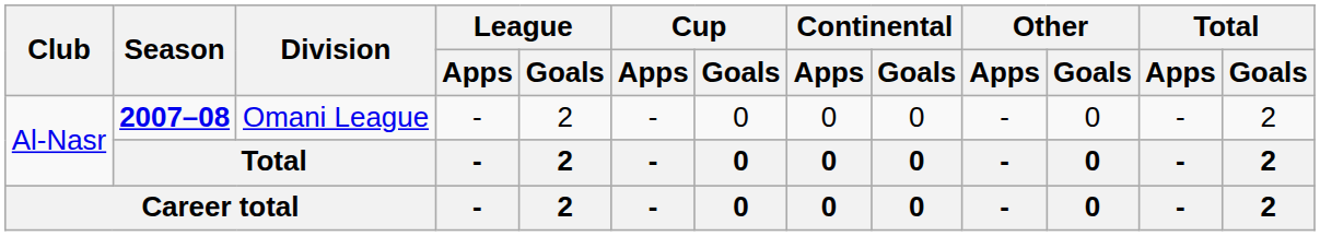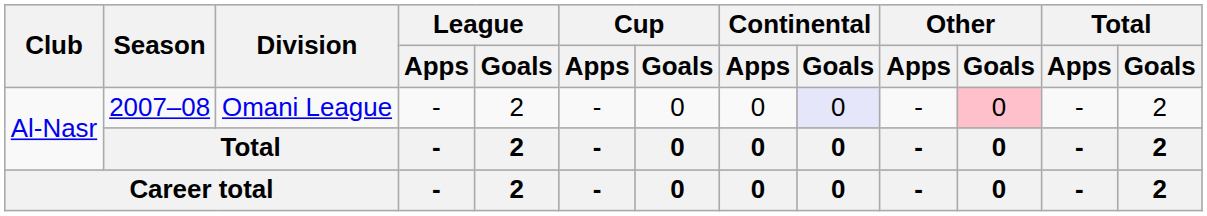 <table class="wikitable" style="text-align: center;">
 <tr>
 <th rowspan="2">Club</th>
 <th rowspan="2">Season</th>
 <th rowspan="2">Division</th>
 <th colspan="2">League</th>
 <th colspan="2">Cup</th>
 <th colspan="2">Continental</th>
 <th colspan="2">Other</th>
 <th colspan="2">Total</th>
 </tr>
 <tr>
 <th>Apps</th>
 <th>Goals</th>
 <th>Apps</th>
 <th>Goals</th>
 <th>Apps</th>
 <th>Goals</th>
 <th>Apps</th>
 <th>Goals</th>
 <th>Apps</th>
 <th>Goals</th>
 </tr>
 <tr>
 <td rowspan="2"><a href='#'>Al-Nasr</a></td>
-<td><strong><a href='#'>2007–08</a></strong></td>
+<td><a href='#'>2007–08</a></td>
 <td rowspan="1"><a href='#'>Omani League</a></td>
 <td>-</td>
 <td>2</td>
 <td>-</td>
 <td>0</td>
 <td>0</td>
-<td>0</td>
+<td style="background: lavender;">0</td>
 <td>-</td>
-<td>0</td>
+<td style="background: pink;">0</td>
 <td>-</td>
 <td>2</td>
 </tr>
 <tr>
 <th colspan="2">Total</th>
 <th>-</th>
 <th>2</th>
 <th>-</th>
 <th>0</th>
 <th>0</th>
 <th>0</th>
 <th>-</th>
 <th>0</th>
 <th>-</th>
 <th>2</th>
 </tr>
 <tr>
 <th colspan="3">Career total</th>
 <th>-</th>
 <th>2</th>
 <th>-</th>
 <th>0</th>
 <th>0</th>
 <th>0</th>
 <th>-</th>
 <th>0</th>
 <th>-</th>
 <th>2</th>
 </tr>
 </table>
